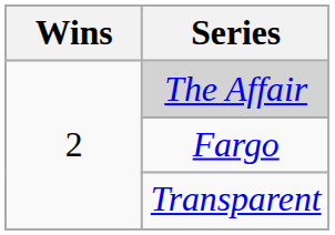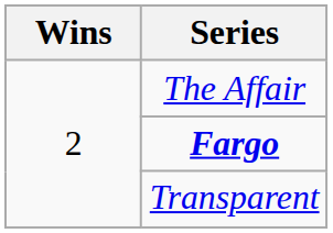 <table class="wikitable" style="text-align: center">
 <tr>
 <th scope="col" width="55">Wins</th>
 <th scope="col" align="center">Series</th>
 </tr>
 <tr>
 <td rowspan=3 style="text-align:center">2</td>
-<td style="background: lightgrey;"><em><a href='#'>The Affair</a></em></td>
+<td><em><a href='#'>The Affair</a></em></td>
 </tr>
 <tr>
-<td><em><a href='#'>Fargo</a></em></td>
+<td><strong><em><a href='#'>Fargo</a></em></strong></td>
 </tr>
 <tr>
 <td><em><a href='#'>Transparent</a></em></td>
 </tr>
 </table>
